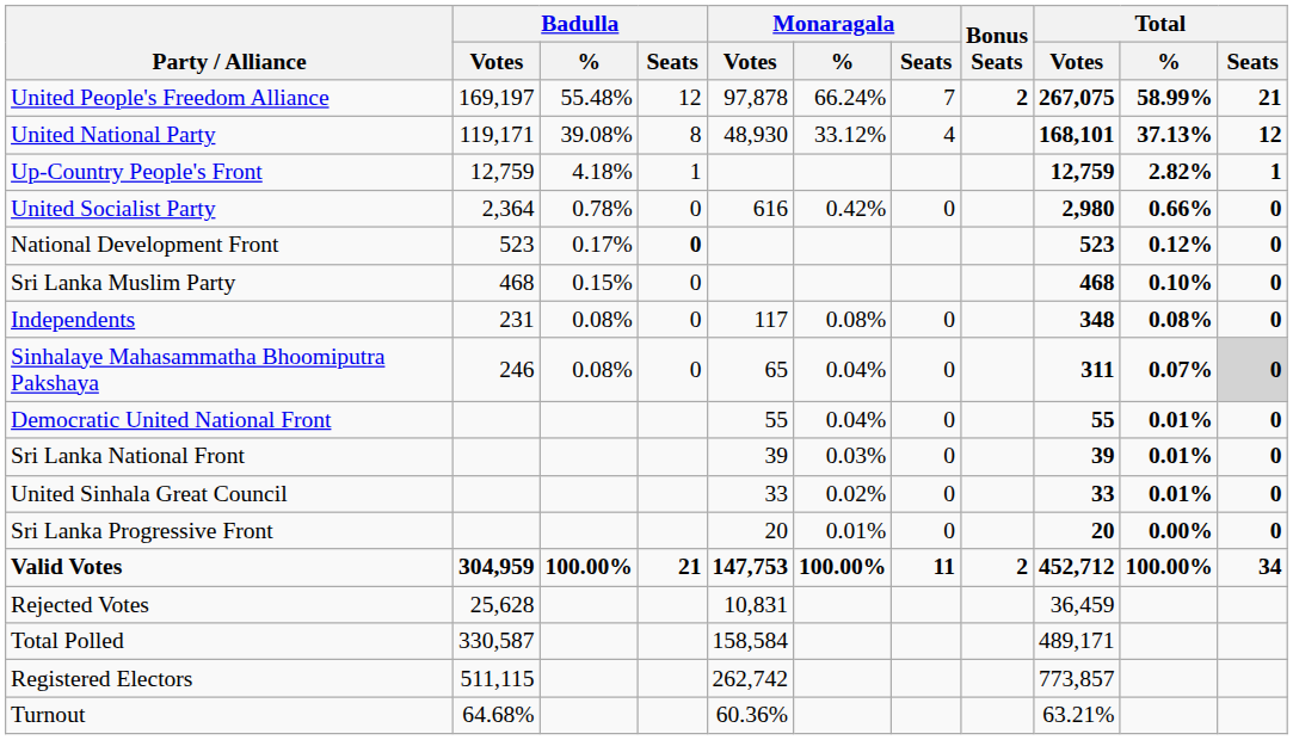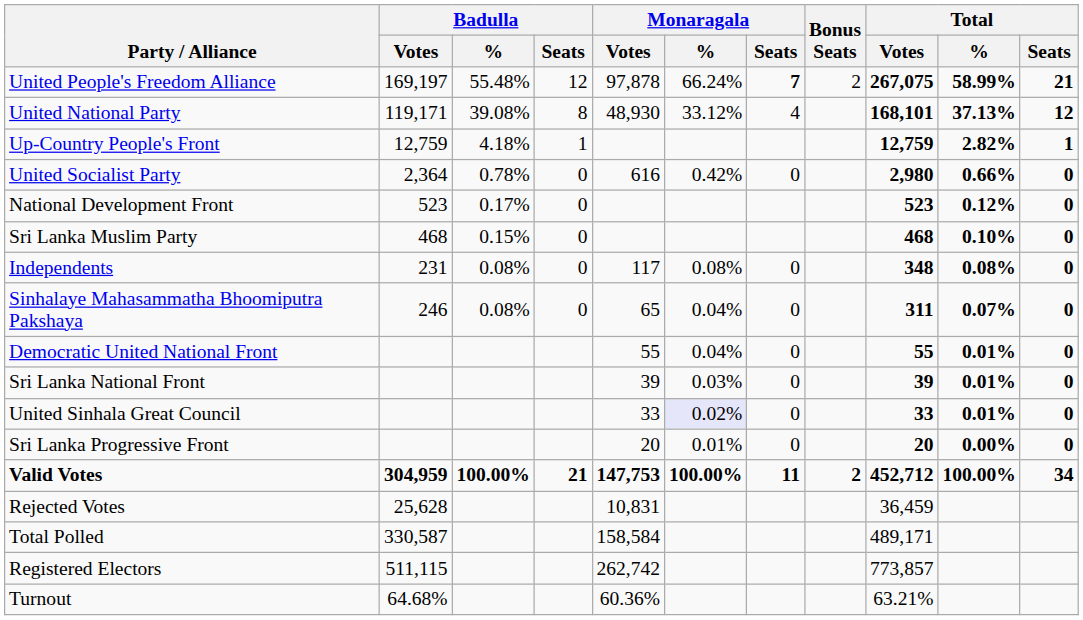 <table class="wikitable" border="1" style="text-align:right;">
 <tr>
 <th valign=bottom rowspan=2 width="300">Party / Alliance</th>
 <th colspan=3><a href='#'>Badulla</a></th>
 <th colspan=3><a href='#'>Monaragala</a></th>
 <th valign=bottom rowspan=2 width="40">Bonus<br>Seats</th>
 <th colspan=3>Total</th>
 </tr>
 <tr>
 <th align=center valign=bottom width="50">Votes</th>
 <th align=center valign=bottom width="50">%</th>
 <th align=center valign=bottom width="40">Seats</th>
 <th align=center valign=bottom width="50">Votes</th>
 <th align=center valign=bottom width="50">%</th>
 <th align=center valign=bottom width="40">Seats</th>
 <th align=center valign=bottom width="50">Votes</th>
 <th align=center valign=bottom width="50">%</th>
 <th align=center valign=bottom width="40">Seats</th>
 </tr>
 <tr>
 <td align=left><a href='#'>United People's Freedom Alliance</a></td>
 <td>169,197</td>
 <td>55.48%</td>
 <td>12</td>
 <td>97,878</td>
 <td>66.24%</td>
-<td>7</td>
-<td><strong>2</strong></td>
+<td><strong>7</strong></td>
+<td>2</td>
 <td><strong>267,075</strong></td>
 <td><strong>58.99%</strong></td>
 <td><strong>21</strong></td>
 </tr>
 <tr>
 <td align=left><a href='#'>United National Party</a></td>
 <td>119,171</td>
 <td>39.08%</td>
 <td>8</td>
 <td>48,930</td>
 <td>33.12%</td>
 <td>4</td>
 <td></td>
 <td><strong>168,101</strong></td>
 <td><strong>37.13%</strong></td>
 <td><strong>12</strong></td>
 </tr>
 <tr>
 <td align=left><a href='#'>Up-Country People's Front</a></td>
 <td>12,759</td>
 <td>4.18%</td>
 <td>1</td>
 <td></td>
 <td></td>
 <td></td>
 <td></td>
 <td><strong>12,759</strong></td>
 <td><strong>2.82%</strong></td>
 <td><strong>1</strong></td>
 </tr>
 <tr>
 <td align=left><a href='#'>United Socialist Party</a></td>
 <td>2,364</td>
 <td>0.78%</td>
 <td>0</td>
 <td>616</td>
 <td>0.42%</td>
 <td>0</td>
 <td></td>
 <td><strong>2,980</strong></td>
 <td><strong>0.66%</strong></td>
 <td><strong>0</strong></td>
 </tr>
 <tr>
 <td align=left>National Development Front</td>
 <td>523</td>
 <td>0.17%</td>
-<td><strong>0</strong></td>
+<td>0</td>
 <td></td>
 <td></td>
 <td></td>
 <td></td>
 <td><strong>523</strong></td>
 <td><strong>0.12%</strong></td>
 <td><strong>0</strong></td>
 </tr>
 <tr>
 <td align=left>Sri Lanka Muslim Party</td>
 <td>468</td>
 <td>0.15%</td>
 <td>0</td>
 <td></td>
 <td></td>
 <td></td>
 <td></td>
 <td><strong>468</strong></td>
 <td><strong>0.10%</strong></td>
 <td><strong>0</strong></td>
 </tr>
 <tr>
 <td align=left><a href='#'>Independents</a></td>
 <td>231</td>
 <td>0.08%</td>
 <td>0</td>
 <td>117</td>
 <td>0.08%</td>
 <td>0</td>
 <td></td>
 <td><strong>348</strong></td>
 <td><strong>0.08%</strong></td>
 <td><strong>0</strong></td>
 </tr>
 <tr>
 <td align=left><a href='#'>Sinhalaye Mahasammatha Bhoomiputra Pakshaya</a></td>
 <td>246</td>
 <td>0.08%</td>
 <td>0</td>
 <td>65</td>
 <td>0.04%</td>
 <td>0</td>
 <td></td>
 <td><strong>311</strong></td>
 <td><strong>0.07%</strong></td>
-<td style="background: lightgrey;"><strong>0</strong></td>
+<td><strong>0</strong></td>
 </tr>
 <tr>
 <td align=left><a href='#'>Democratic United National Front</a></td>
 <td></td>
 <td></td>
 <td></td>
 <td>55</td>
 <td>0.04%</td>
 <td>0</td>
 <td></td>
 <td><strong>55</strong></td>
 <td><strong>0.01%</strong></td>
 <td><strong>0</strong></td>
 </tr>
 <tr>
 <td align=left>Sri Lanka National Front</td>
 <td></td>
 <td></td>
 <td></td>
 <td>39</td>
 <td>0.03%</td>
 <td>0</td>
 <td></td>
 <td><strong>39</strong></td>
 <td><strong>0.01%</strong></td>
 <td><strong>0</strong></td>
 </tr>
 <tr>
 <td align=left>United Sinhala Great Council</td>
 <td></td>
 <td></td>
 <td></td>
 <td>33</td>
-<td>0.02%</td>
+<td style="background: lavender;">0.02%</td>
 <td>0</td>
 <td></td>
 <td><strong>33</strong></td>
 <td><strong>0.01%</strong></td>
 <td><strong>0</strong></td>
 </tr>
 <tr>
 <td align=left>Sri Lanka Progressive Front</td>
 <td></td>
 <td></td>
 <td></td>
 <td>20</td>
 <td>0.01%</td>
 <td>0</td>
 <td></td>
 <td><strong>20</strong></td>
 <td><strong>0.00%</strong></td>
 <td><strong>0</strong></td>
 </tr>
 <tr>
 <td align=left><strong>Valid Votes</strong></td>
 <td><strong>304,959</strong></td>
 <td><strong>100.00%</strong></td>
 <td><strong>21</strong></td>
 <td><strong>147,753</strong></td>
 <td><strong>100.00%</strong></td>
 <td><strong>11</strong></td>
 <td><strong>2</strong></td>
 <td><strong>452,712</strong></td>
 <td><strong>100.00%</strong></td>
 <td><strong>34</strong></td>
 </tr>
 <tr>
 <td align=left>Rejected Votes</td>
 <td>25,628</td>
 <td></td>
 <td></td>
 <td>10,831</td>
 <td></td>
 <td></td>
 <td></td>
 <td>36,459</td>
 <td></td>
 <td></td>
 </tr>
 <tr>
 <td align=left>Total Polled</td>
 <td>330,587</td>
 <td></td>
 <td></td>
 <td>158,584</td>
 <td></td>
 <td></td>
 <td></td>
 <td>489,171</td>
 <td></td>
 <td></td>
 </tr>
 <tr>
 <td align=left>Registered Electors</td>
 <td>511,115</td>
 <td></td>
 <td></td>
 <td>262,742</td>
 <td></td>
 <td></td>
 <td></td>
 <td>773,857</td>
 <td></td>
 <td></td>
 </tr>
 <tr>
 <td align=left>Turnout</td>
 <td>64.68%</td>
 <td></td>
 <td></td>
 <td>60.36%</td>
 <td></td>
 <td></td>
 <td></td>
 <td>63.21%</td>
 <td></td>
 <td></td>
 </tr>
 </table>
